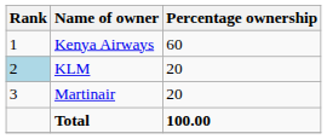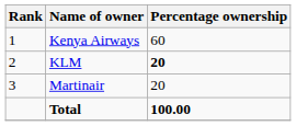 <table class="wikitable sortable" style="margin-left:auto;margin-right:auto">
 <tr>
 <th style="width:2em;">Rank</th>
 <th>Name of owner</th>
 <th>Percentage ownership</th>
 </tr>
 <tr>
 <td>1</td>
 <td><a href='#'>Kenya Airways</a></td>
 <td>60</td>
 </tr>
 <tr>
-<td style="background: lightblue;">2</td>
+<td>2</td>
 <td><a href='#'>KLM</a></td>
-<td>20</td>
+<td><strong>20</strong></td>
 </tr>
 <tr>
 <td>3</td>
 <td><a href='#'>Martinair</a></td>
 <td>20</td>
 </tr>
 <tr>
 <td></td>
 <td><strong>Total</strong></td>
 <td><strong>100.00</strong></td>
 </tr>
 <tr>
 </tr>
 </table>
